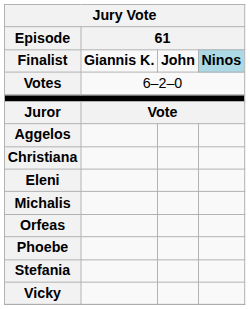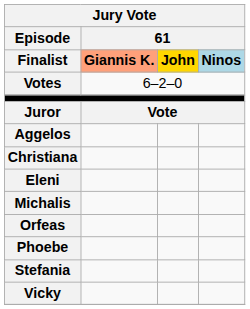 <table class="wikitable" style="text-align:center">
 <tr>
 <th colspan=4>Jury Vote</th>
 </tr>
 <tr>
 <th>Episode</th>
 <th colspan="3">61</th>
 </tr>
 <tr>
 <th>Finalist</th>
-<td><strong>Giannis K.</strong></td>
-<td><strong>John</strong></td>
+<td style="background: lightsalmon;"><strong>Giannis K.</strong></td>
+<td style="background: gold;"><strong>John</strong></td>
 <td style="background: lightblue;"><strong>Ninos</strong></td>
 </tr>
 <tr>
 <th>Votes</th>
 <td colspan="3">6–2–0</td>
 </tr>
 <tr>
 <th colspan="5" style="background:black;"></th>
 </tr>
 <tr>
 <th>Juror</th>
 <th colspan="4">Vote</th>
 </tr>
 <tr>
 <th><strong>Aggelos</strong></th>
 <td></td>
 <td></td>
 <td></td>
 </tr>
 <tr>
 <th><strong>Christiana</strong></th>
 <td></td>
 <td></td>
 <td></td>
 </tr>
 <tr>
 <th><strong>Eleni</strong></th>
 <td></td>
 <td></td>
 <td></td>
 </tr>
 <tr>
 <th><strong>Michalis</strong></th>
 <td></td>
 <td></td>
 <td></td>
 </tr>
 <tr>
 <th><strong>Orfeas</strong></th>
 <td></td>
 <td></td>
 <td></td>
 </tr>
 <tr>
 <th><strong>Phoebe</strong></th>
 <td></td>
 <td></td>
 <td></td>
 </tr>
 <tr>
 <th><strong>Stefania</strong></th>
 <td></td>
 <td></td>
 <td></td>
 </tr>
 <tr>
 <th><strong>Vicky</strong></th>
 <td></td>
 <td></td>
 <td></td>
 </tr>
 <tr>
 </tr>
 </table>
